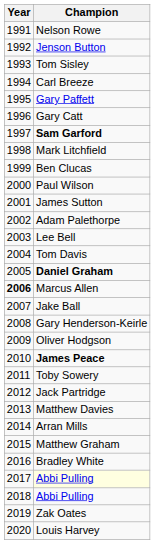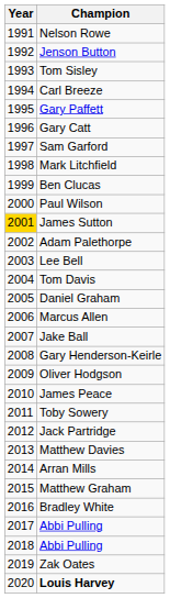 <table class="wikitable">
 <tr>
 <th>Year</th>
 <th>Champion</th>
 </tr>
 <tr>
 <td>1991</td>
 <td>Nelson Rowe</td>
 </tr>
 <tr>
 <td>1992</td>
 <td><a href='#'>Jenson Button</a></td>
 </tr>
 <tr>
 <td>1993</td>
 <td>Tom Sisley</td>
 </tr>
 <tr>
 <td>1994</td>
 <td>Carl Breeze</td>
 </tr>
 <tr>
 <td>1995</td>
 <td><a href='#'>Gary Paffett</a></td>
 </tr>
 <tr>
 <td>1996</td>
 <td>Gary Catt</td>
 </tr>
 <tr>
 <td>1997</td>
-<td><strong>Sam Garford</strong></td>
+<td>Sam Garford</td>
 </tr>
 <tr>
 <td>1998</td>
 <td>Mark Litchfield</td>
 </tr>
 <tr>
 <td>1999</td>
 <td>Ben Clucas</td>
 </tr>
 <tr>
 <td>2000</td>
 <td>Paul Wilson</td>
 </tr>
 <tr>
-<td>2001</td>
+<td style="background: gold;">2001</td>
 <td>James Sutton</td>
 </tr>
 <tr>
 <td>2002</td>
 <td>Adam Palethorpe</td>
 </tr>
 <tr>
 <td>2003</td>
 <td>Lee Bell</td>
 </tr>
 <tr>
 <td>2004</td>
 <td>Tom Davis</td>
 </tr>
 <tr>
 <td>2005</td>
-<td><strong>Daniel Graham</strong></td>
+<td>Daniel Graham</td>
 </tr>
 <tr>
-<td><strong>2006</strong></td>
+<td>2006</td>
 <td>Marcus Allen</td>
 </tr>
 <tr>
 <td>2007</td>
 <td>Jake Ball</td>
 </tr>
 <tr>
 <td>2008</td>
 <td>Gary Henderson-Keirle</td>
 </tr>
 <tr>
 <td>2009</td>
 <td>Oliver Hodgson</td>
 </tr>
 <tr>
 <td>2010</td>
-<td><strong>James Peace</strong></td>
+<td>James Peace</td>
 </tr>
 <tr>
 <td>2011</td>
 <td>Toby Sowery</td>
 </tr>
 <tr>
 <td>2012</td>
 <td>Jack Partridge</td>
 </tr>
 <tr>
 <td>2013</td>
 <td>Matthew Davies</td>
 </tr>
 <tr>
 <td>2014</td>
 <td>Arran Mills</td>
 </tr>
 <tr>
 <td>2015</td>
 <td>Matthew Graham</td>
 </tr>
 <tr>
 <td>2016</td>
 <td>Bradley White</td>
 </tr>
 <tr>
 <td>2017</td>
-<td style="background: lightyellow;"><a href='#'>Abbi Pulling</a></td>
+<td><a href='#'>Abbi Pulling</a></td>
 </tr>
 <tr>
 <td>2018</td>
 <td><a href='#'>Abbi Pulling</a></td>
 </tr>
 <tr>
 <td>2019</td>
 <td>Zak Oates</td>
 </tr>
 <tr>
 <td>2020</td>
-<td>Louis Harvey</td>
+<td><strong>Louis Harvey</strong></td>
 </tr>
 </table>
